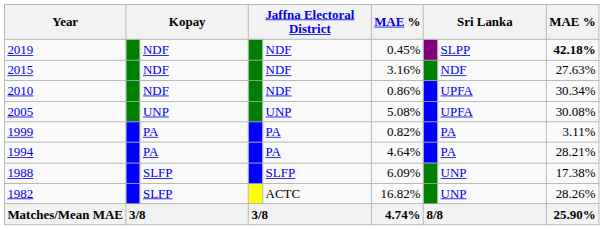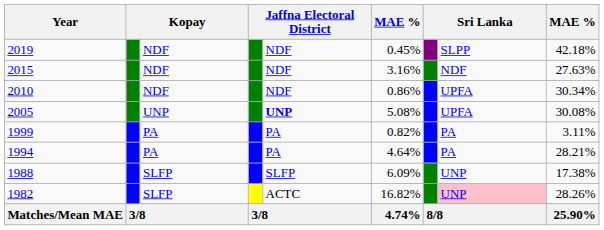 <table class="wikitable">
 <tr>
 <th>Year</th>
 <th colspan="2" width="144px">Kopay</th>
 <th colspan="2" width="144px"><a href='#'>Jaffna Electoral District</a></th>
 <th><a href='#'>MAE</a> %</th>
 <th colspan="2" width="144px">Sri Lanka</th>
 <th>MAE %</th>
 </tr>
 <tr>
 <td><a href='#'>2019</a></td>
 <td style="background-color:green;" width="10px"></td>
 <td style="text-align:left;"><a href='#'>NDF</a></td>
 <td style="background-color:green;" width="10px"></td>
 <td style="text-align:left;"><a href='#'>NDF</a></td>
 <td style="text-align:right;">0.45%</td>
 <td style="background-color:purple;" width="10px"></td>
 <td style="text-align:left;"><a href='#'>SLPP</a></td>
-<td style="text-align:right;"><strong>42.18%</strong></td>
+<td style="text-align:right;">42.18%</td>
 </tr>
 <tr>
 <td><a href='#'>2015</a></td>
 <td style="background-color:green;" width="10px"></td>
 <td style="text-align:left;"><a href='#'>NDF</a></td>
 <td style="background-color:green;" width="10px"></td>
 <td style="text-align:left;"><a href='#'>NDF</a></td>
 <td style="text-align:right;">3.16%</td>
 <td style="background-color:green;" width="10px"></td>
 <td style="text-align:left;"><a href='#'>NDF</a></td>
 <td style="text-align:right;">27.63%</td>
 </tr>
 <tr>
 <td><a href='#'>2010</a></td>
 <td style="background-color:green;" width="10px"></td>
 <td style="text-align:left;"><a href='#'>NDF</a></td>
 <td style="background-color:green;" width="10px"></td>
 <td style="text-align:left;"><a href='#'>NDF</a></td>
 <td style="text-align:right;">0.86%</td>
 <td style="background-color:blue;" width="10px"></td>
 <td style="text-align:left;"><a href='#'>UPFA</a></td>
 <td style="text-align:right;">30.34%</td>
 </tr>
 <tr>
 <td><a href='#'>2005</a></td>
 <td style="background-color:green;" width="10px"></td>
 <td style="text-align:left;"><a href='#'>UNP</a></td>
 <td style="background-color:green;" width="10px"></td>
-<td style="text-align:left;"><a href='#'>UNP</a></td>
+<td style="text-align:left;"><strong><a href='#'>UNP</a></strong></td>
 <td style="text-align:right;">5.08%</td>
 <td style="background-color:blue;" width="10px"></td>
 <td style="text-align:left;"><a href='#'>UPFA</a></td>
 <td style="text-align:right;">30.08%</td>
 </tr>
 <tr>
 <td><a href='#'>1999</a></td>
 <td style="background-color:blue;" width="10px"></td>
 <td style="text-align:left;"><a href='#'>PA</a></td>
 <td style="background-color:blue;" width="10px"></td>
 <td style="text-align:left;"><a href='#'>PA</a></td>
 <td style="text-align:right;">0.82%</td>
 <td style="background-color:blue;" width="10px"></td>
 <td style="text-align:left;"><a href='#'>PA</a></td>
 <td style="text-align:right;">3.11%</td>
 </tr>
 <tr>
 <td><a href='#'>1994</a></td>
 <td style="background-color:blue;" width="10px"></td>
 <td style="text-align:left;"><a href='#'>PA</a></td>
 <td style="background-color:blue;" width="10px"></td>
 <td style="text-align:left;"><a href='#'>PA</a></td>
 <td style="text-align:right;">4.64%</td>
 <td style="background-color:blue;" width="10px"></td>
 <td style="text-align:left;"><a href='#'>PA</a></td>
 <td style="text-align:right;">28.21%</td>
 </tr>
 <tr>
 <td><a href='#'>1988</a></td>
 <td style="background-color:blue;" width="10px"></td>
 <td style="text-align:left;"><a href='#'>SLFP</a></td>
 <td style="background-color:blue;" width="10px"></td>
 <td style="text-align:left;"><a href='#'>SLFP</a></td>
 <td style="text-align:right;">6.09%</td>
 <td style="background-color:green;" width="10px"></td>
 <td style="text-align:left;"><a href='#'>UNP</a></td>
 <td style="text-align:right;">17.38%</td>
 </tr>
 <tr>
 <td><a href='#'>1982</a></td>
 <td style="background-color:blue;" width="10px"></td>
 <td style="text-align:left;"><a href='#'>SLFP</a></td>
 <td style="background-color:yellow;" width="10px"></td>
 <td style="text-align:left;">ACTC</td>
 <td style="text-align:right;">16.82%</td>
 <td style="background-color:green;" width="10px"></td>
-<td style="text-align:left;"><a href='#'>UNP</a></td>
+<td style="background: pink; text-align:left;"><a href='#'>UNP</a></td>
 <td style="text-align:right;">28.26%</td>
 </tr>
 <tr>
 <th>Matches/Mean MAE</th>
 <th style="text-align:left;"colspan="2" width="144px">3/8</th>
 <th style="text-align:left;"colspan="2" width="144px">3/8</th>
 <th style="text-align:right;">4.74%</th>
 <th style="text-align:left;"colspan="2" width="144px">8/8</th>
 <th style="text-align:right;">25.90%</th>
 </tr>
 </table>
